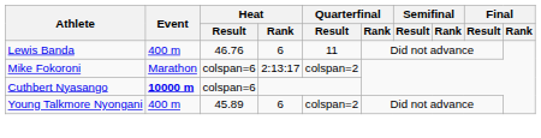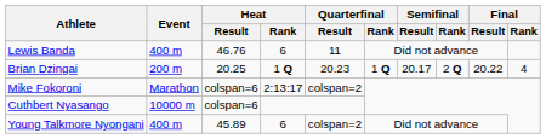 <table class=wikitable style="font-size:90%">
 <tr>
 <th rowspan="2">Athlete</th>
 <th rowspan="2">Event</th>
 <th colspan="2">Heat</th>
 <th colspan="2">Quarterfinal</th>
 <th colspan="2">Semifinal</th>
 <th colspan="2">Final</th>
 </tr>
 <tr style="font-size:95%">
 <th>Result</th>
 <th>Rank</th>
 <th>Result</th>
 <th>Rank</th>
 <th>Result</th>
 <th>Rank</th>
 <th>Result</th>
 <th>Rank</th>
 </tr>
 <tr align=center>
 <td align=left><a href='#'>Lewis Banda</a></td>
 <td align=left><a href='#'>400 m</a></td>
 <td>46.76</td>
 <td>6</td>
 <td>11</td>
 <td colspan=4>Did not advance</td>
 </tr>
 <tr align=center>
+<td align=left><a href='#'>Brian Dzingai</a></td>
+<td align=left><a href='#'>200 m</a></td>
+<td>20.25</td>
+<td>1 <strong>Q</strong></td>
+<td>20.23</td>
+<td>1 <strong>Q</strong></td>
+<td>20.17</td>
+<td>2 <strong>Q</strong></td>
+<td>20.22</td>
+<td>4</td>
+</tr>
+<tr align=center>
 <td align=left><a href='#'>Mike Fokoroni</a></td>
 <td align=left><a href='#'>Marathon</a></td>
 <td>colspan=6 </td>
 <td>2:13:17</td>
 <td>colspan=2 </td>
 </tr>
 <tr align=center>
 <td align=left><a href='#'>Cuthbert Nyasango</a></td>
-<td align=left><strong><a href='#'>10000 m</a></strong></td>
+<td align=left><a href='#'>10000 m</a></td>
 <td>colspan=6 </td>
 <td colspan=2></td>
 </tr>
 <tr align=center>
 <td align=left><a href='#'>Young Talkmore Nyongani</a></td>
 <td align=left><a href='#'>400 m</a></td>
 <td>45.89</td>
 <td>6</td>
 <td>colspan=2 </td>
 <td colspan=4>Did not advance</td>
 </tr>
 </table>
